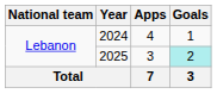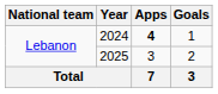 <table class="wikitable" style="text-align:center">
 <tr>
 <th>National team</th>
 <th>Year</th>
 <th>Apps</th>
 <th>Goals</th>
 </tr>
 <tr>
 <td rowspan=2><a href='#'>Lebanon</a></td>
 <td>2024</td>
-<td>4</td>
+<td><strong>4</strong></td>
 <td>1</td>
 </tr>
 <tr>
 <td>2025</td>
 <td>3</td>
-<td style="background: paleturquoise;">2</td>
+<td>2</td>
 </tr>
 <tr>
 <th colspan="2">Total</th>
 <th>7</th>
 <th>3</th>
 </tr>
 </table>
